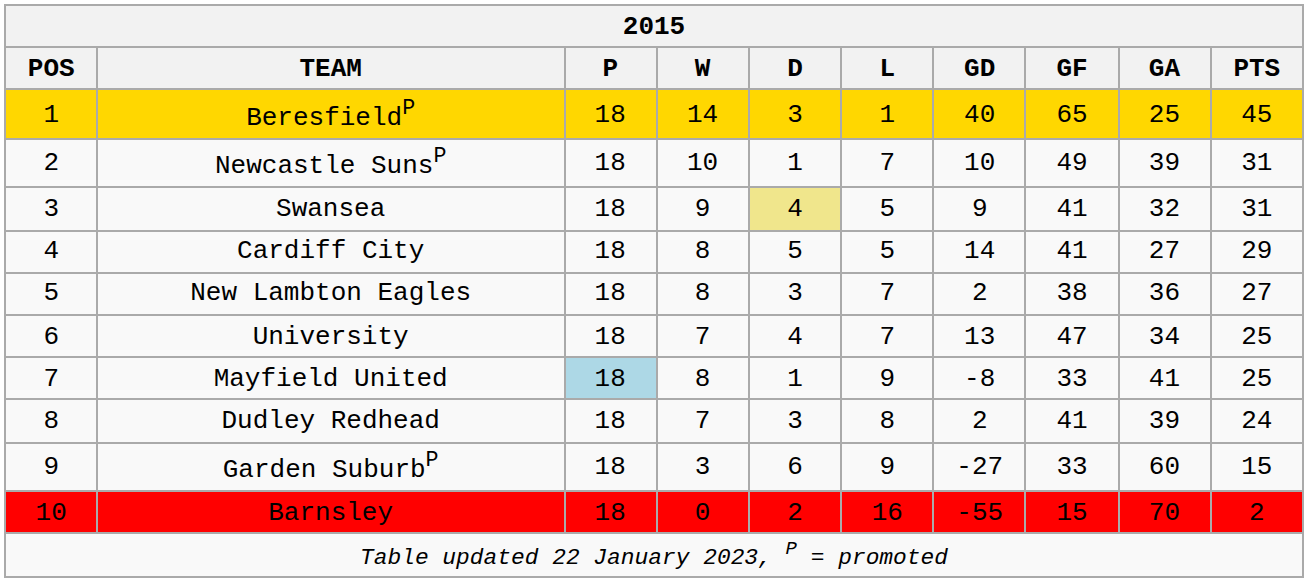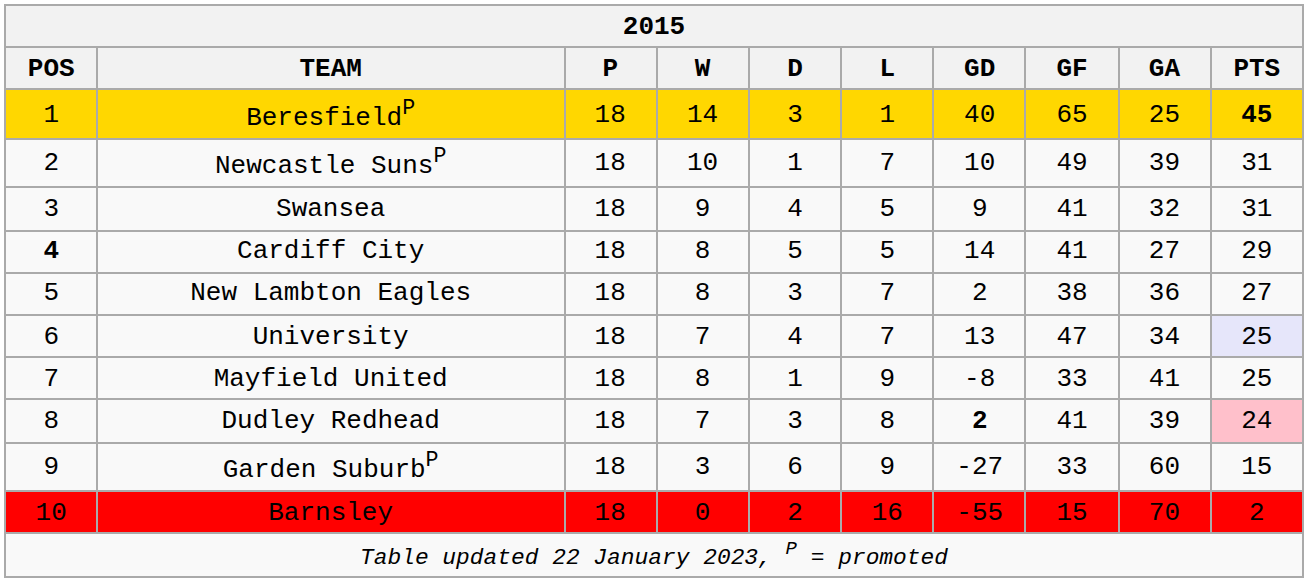 <table class="wikitable collapsible collapsed" style="text-align:center; min-width:50em; margin: 1em auto 1em auto;">
 <tr>
 <th colspan=10>2015</th>
 </tr>
 <tr>
 <th scope="col" width="40px">POS</th>
 <th scope="col">TEAM</th>
 <th scope="col" width="40px">P</th>
 <th scope="col" width="40px">W</th>
 <th scope="col" width="40px">D</th>
 <th scope="col" width="40px">L</th>
 <th scope="col" width="40px">GD</th>
 <th scope="col" width="40px">GF</th>
 <th scope="col" width="40px">GA</th>
 <th scope="col" width="40px">PTS</th>
 </tr>
 <tr style="background: gold;">
 <td>1</td>
 <td>Beresfield<sup>P</sup></td>
 <td>18</td>
 <td>14</td>
 <td>3</td>
 <td>1</td>
 <td>40</td>
 <td>65</td>
 <td>25</td>
-<td>45</td>
+<td><strong>45</strong></td>
 </tr>
 <tr>
 <td>2</td>
 <td>Newcastle Suns<sup>P</sup></td>
 <td>18</td>
 <td>10</td>
 <td>1</td>
 <td>7</td>
 <td>10</td>
 <td>49</td>
 <td>39</td>
 <td>31</td>
 </tr>
 <tr>
 <td>3</td>
 <td>Swansea</td>
 <td>18</td>
 <td>9</td>
-<td style="background: khaki;">4</td>
+<td>4</td>
 <td>5</td>
 <td>9</td>
 <td>41</td>
 <td>32</td>
 <td>31</td>
 </tr>
 <tr>
-<td>4</td>
+<td><strong>4</strong></td>
 <td>Cardiff City</td>
 <td>18</td>
 <td>8</td>
 <td>5</td>
 <td>5</td>
 <td>14</td>
 <td>41</td>
 <td>27</td>
 <td>29</td>
 </tr>
 <tr>
 <td>5</td>
 <td>New Lambton Eagles</td>
 <td>18</td>
 <td>8</td>
 <td>3</td>
 <td>7</td>
 <td>2</td>
 <td>38</td>
 <td>36</td>
 <td>27</td>
 </tr>
 <tr>
 <td>6</td>
 <td>University</td>
 <td>18</td>
 <td>7</td>
 <td>4</td>
 <td>7</td>
 <td>13</td>
 <td>47</td>
 <td>34</td>
-<td>25</td>
+<td style="background: lavender;">25</td>
 </tr>
 <tr>
 <td>7</td>
 <td>Mayfield United</td>
-<td style="background: lightblue;">18</td>
+<td>18</td>
 <td>8</td>
 <td>1</td>
 <td>9</td>
 <td>-8</td>
 <td>33</td>
 <td>41</td>
 <td>25</td>
 </tr>
 <tr>
 <td>8</td>
 <td>Dudley Redhead</td>
 <td>18</td>
 <td>7</td>
 <td>3</td>
 <td>8</td>
-<td>2</td>
+<td><strong>2</strong></td>
 <td>41</td>
 <td>39</td>
-<td>24</td>
+<td style="background: pink;">24</td>
 </tr>
 <tr>
 <td>9</td>
 <td>Garden Suburb<sup>P</sup></td>
 <td>18</td>
 <td>3</td>
 <td>6</td>
 <td>9</td>
 <td>-27</td>
 <td>33</td>
 <td>60</td>
 <td>15</td>
 </tr>
 <tr style="background: red;">
 <td>10</td>
 <td>Barnsley</td>
 <td>18</td>
 <td>0</td>
 <td>2</td>
 <td>16</td>
 <td>-55</td>
 <td>15</td>
 <td>70</td>
 <td>2</td>
 </tr>
 <tr>
 <td colspan=10 style="font-size:88%"><em>Table updated 22 January 2023, <sup>P</sup> = promoted</em></td>
 </tr>
 </table>
